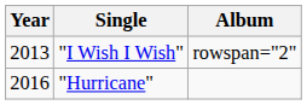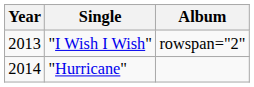 <table class="wikitable" style="text-align:center;">
 <tr>
 <th>Year</th>
 <th>Single</th>
 <th>Album</th>
 </tr>
 <tr>
 <td>2013</td>
 <td align="left">"<a href='#'>I Wish I Wish</a>"</td>
 <td>rowspan="2" </td>
 </tr>
 <tr>
-<td>2016</td>
+<td>2014</td>
 <td align="left">"<a href='#'>Hurricane</a>"</td>
 </tr>
 </table>
